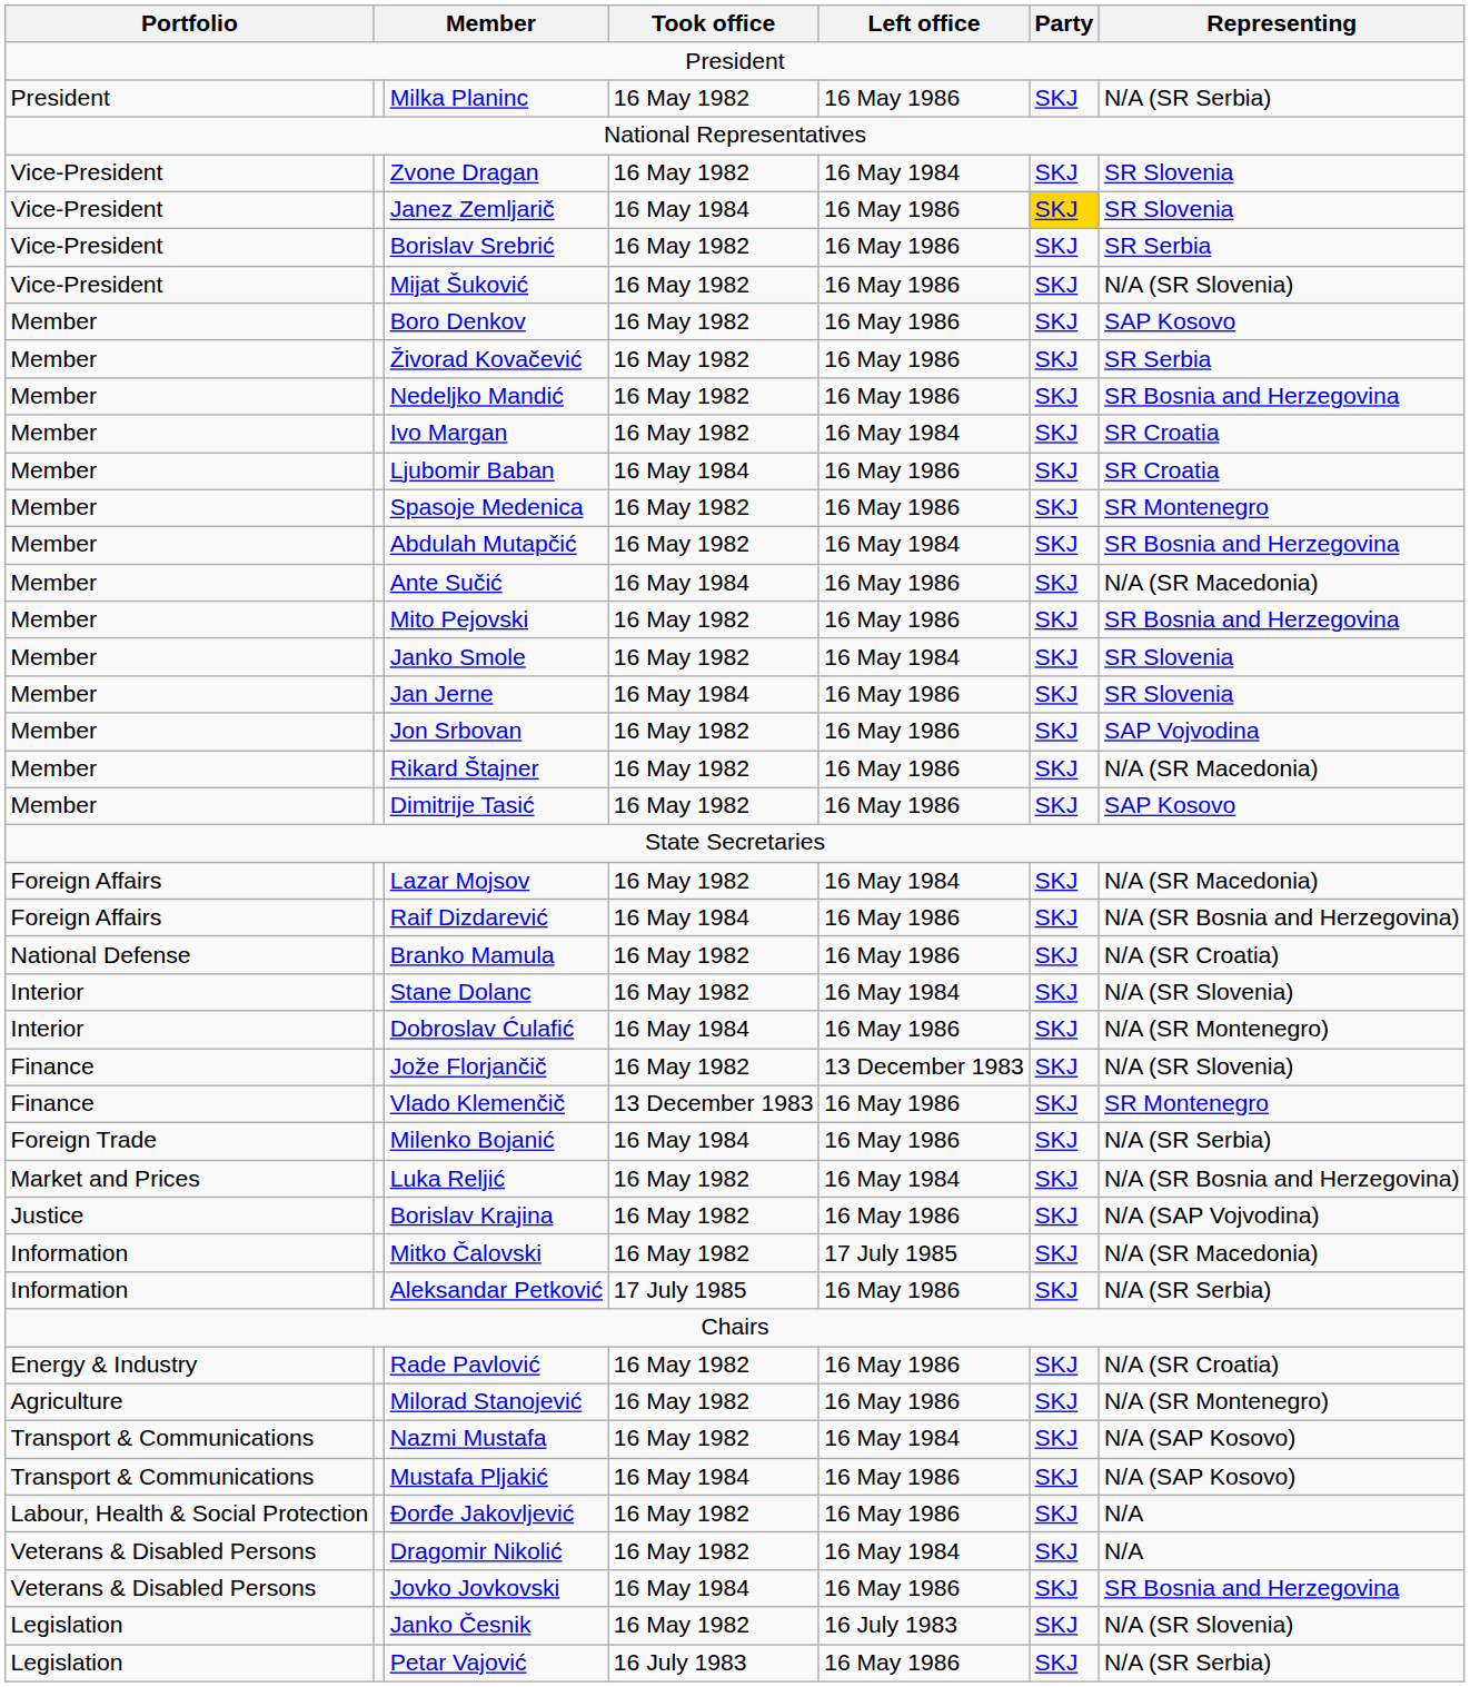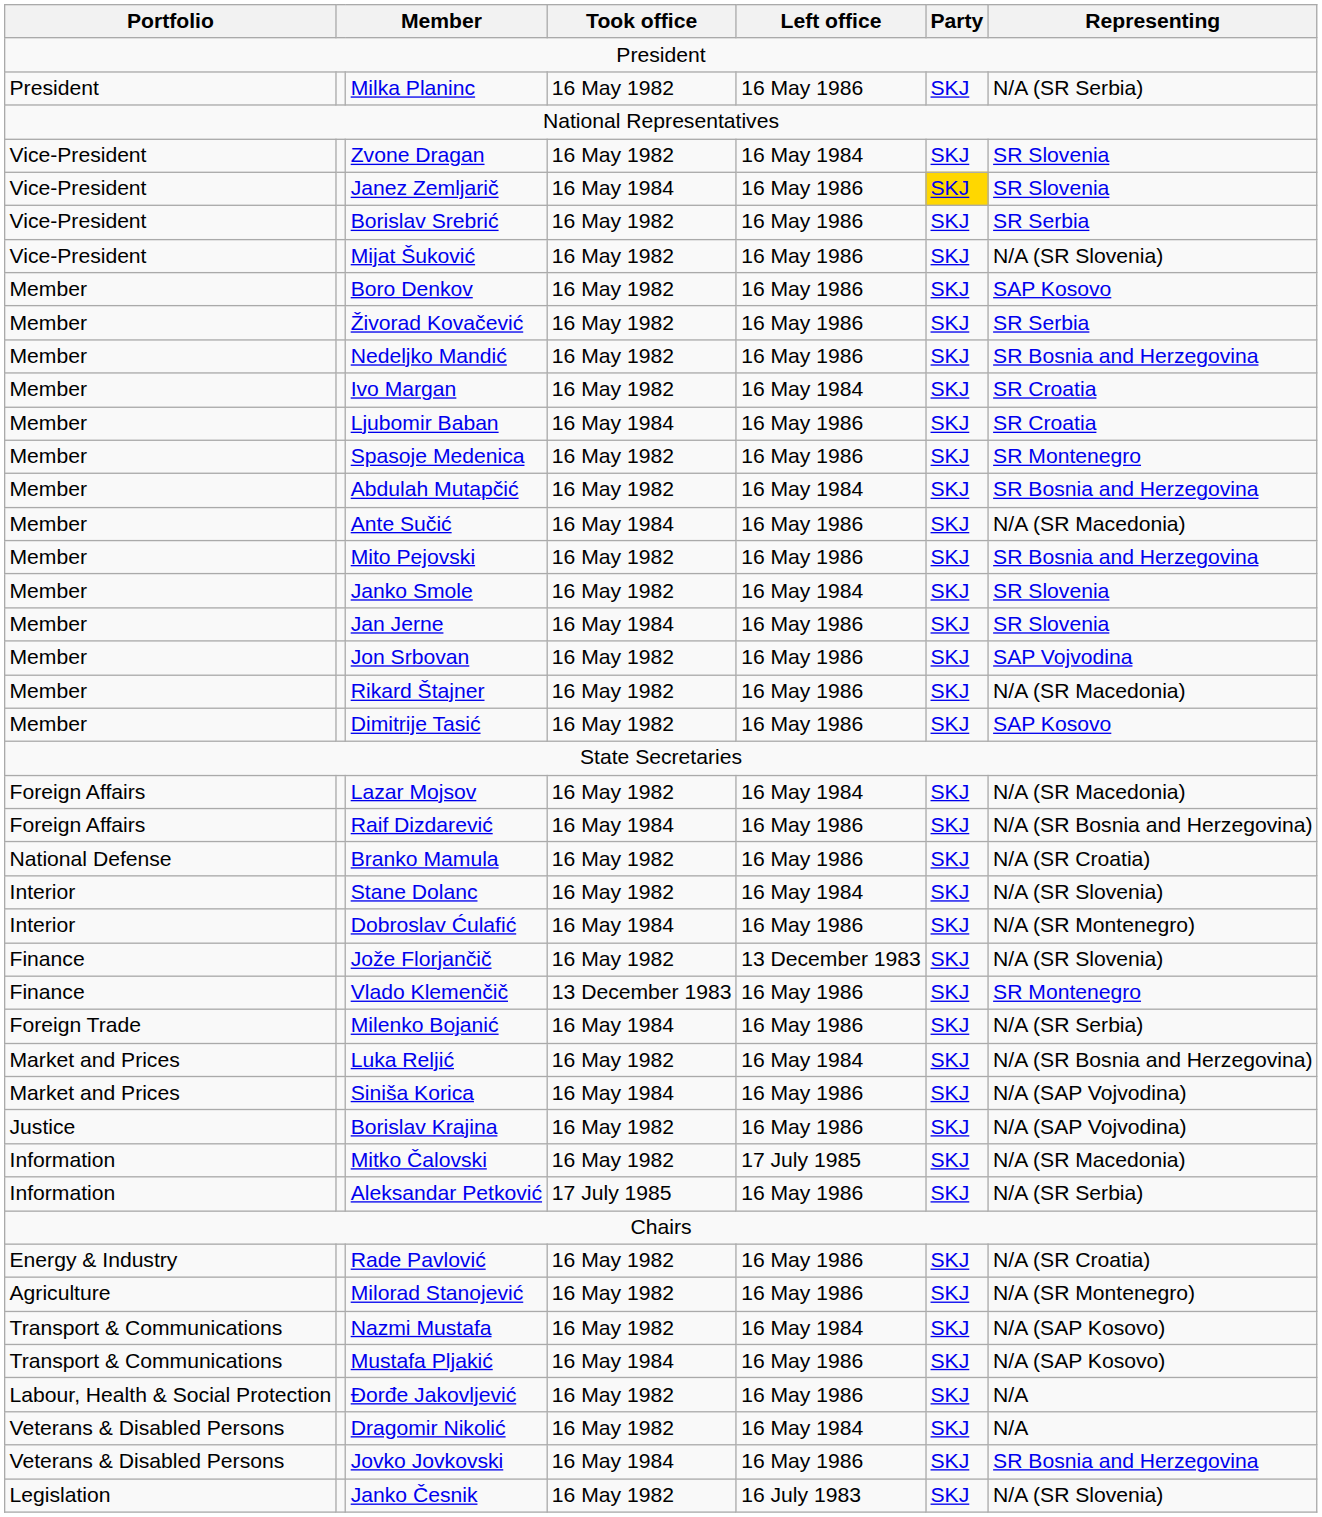 <table class="wikitable">
 <tr>
 <th style="text-align: center;">Portfolio</th>
 <th colspan="2" style="text-align: center;">Member</th>
 <th style="text-align: center;">Took office</th>
 <th style="text-align: center;">Left office</th>
 <th style="text-align: center;">Party</th>
 <th style="text-align: center;">Representing</th>
 </tr>
 <tr>
 <td colspan="7" style="text-align: center;">President</td>
 </tr>
 <tr>
 <td>President</td>
 <td style="background:"></td>
 <td><a href='#'>Milka Planinc</a></td>
 <td>16 May 1982</td>
 <td>16 May 1986</td>
 <td><a href='#'>SKJ</a></td>
 <td>N/A (SR Serbia)</td>
 </tr>
 <tr>
 <td colspan="7" style="text-align: center;">National Representatives</td>
 </tr>
 <tr>
 <td>Vice-President</td>
 <td style="background:"></td>
 <td><a href='#'>Zvone Dragan</a></td>
 <td>16 May 1982</td>
 <td>16 May 1984</td>
 <td><a href='#'>SKJ</a></td>
 <td><a href='#'>SR Slovenia</a></td>
 </tr>
 <tr>
 <td>Vice-President</td>
 <td style="background:"></td>
 <td><a href='#'>Janez Zemljarič</a></td>
 <td>16 May 1984</td>
 <td>16 May 1986</td>
 <td style="background: gold;"><a href='#'>SKJ</a></td>
 <td><a href='#'>SR Slovenia</a></td>
 </tr>
 <tr>
 <td>Vice-President</td>
 <td style="background:"></td>
 <td><a href='#'>Borislav Srebrić</a></td>
 <td>16 May 1982</td>
 <td>16 May 1986</td>
 <td><a href='#'>SKJ</a></td>
 <td><a href='#'>SR Serbia</a></td>
 </tr>
 <tr>
 <td>Vice-President</td>
 <td style="background:"></td>
 <td><a href='#'>Mijat Šuković</a></td>
 <td>16 May 1982</td>
 <td>16 May 1986</td>
 <td><a href='#'>SKJ</a></td>
 <td>N/A (SR Slovenia)</td>
 </tr>
 <tr>
 <td>Member</td>
 <td style="background:"></td>
 <td><a href='#'>Boro Denkov</a></td>
 <td>16 May 1982</td>
 <td>16 May 1986</td>
 <td><a href='#'>SKJ</a></td>
 <td><a href='#'>SAP Kosovo</a></td>
 </tr>
 <tr>
 <td>Member</td>
 <td style="background:"></td>
 <td><a href='#'>Živorad Kovačević</a></td>
 <td>16 May 1982</td>
 <td>16 May 1986</td>
 <td><a href='#'>SKJ</a></td>
 <td><a href='#'>SR Serbia</a></td>
 </tr>
 <tr>
 <td>Member</td>
 <td style="background:"></td>
 <td><a href='#'>Nedeljko Mandić</a></td>
 <td>16 May 1982</td>
 <td>16 May 1986</td>
 <td><a href='#'>SKJ</a></td>
 <td><a href='#'>SR Bosnia and Herzegovina</a></td>
 </tr>
 <tr>
 <td>Member</td>
 <td style="background:"></td>
 <td><a href='#'>Ivo Margan</a></td>
 <td>16 May 1982</td>
 <td>16 May 1984</td>
 <td><a href='#'>SKJ</a></td>
 <td><a href='#'>SR Croatia</a></td>
 </tr>
 <tr>
 <td>Member</td>
 <td style="background:"></td>
 <td><a href='#'>Ljubomir Baban</a></td>
 <td>16 May 1984</td>
 <td>16 May 1986</td>
 <td><a href='#'>SKJ</a></td>
 <td><a href='#'>SR Croatia</a></td>
 </tr>
 <tr>
 <td>Member</td>
 <td style="background:"></td>
 <td><a href='#'>Spasoje Medenica</a></td>
 <td>16 May 1982</td>
 <td>16 May 1986</td>
 <td><a href='#'>SKJ</a></td>
 <td><a href='#'>SR Montenegro</a></td>
 </tr>
 <tr>
 <td>Member</td>
 <td style="background:"></td>
 <td><a href='#'>Abdulah Mutapčić</a></td>
 <td>16 May 1982</td>
 <td>16 May 1984</td>
 <td><a href='#'>SKJ</a></td>
 <td><a href='#'>SR Bosnia and Herzegovina</a></td>
 </tr>
 <tr>
 <td>Member</td>
 <td style="background:"></td>
 <td><a href='#'>Ante Sučić</a></td>
 <td>16 May 1984</td>
 <td>16 May 1986</td>
 <td><a href='#'>SKJ</a></td>
 <td>N/A (SR Macedonia)</td>
 </tr>
 <tr>
 <td>Member</td>
 <td style="background:"></td>
 <td><a href='#'>Mito Pejovski</a></td>
 <td>16 May 1982</td>
 <td>16 May 1986</td>
 <td><a href='#'>SKJ</a></td>
 <td><a href='#'>SR Bosnia and Herzegovina</a></td>
 </tr>
 <tr>
 <td>Member</td>
 <td style="background:"></td>
 <td><a href='#'>Janko Smole</a></td>
 <td>16 May 1982</td>
 <td>16 May 1984</td>
 <td><a href='#'>SKJ</a></td>
 <td><a href='#'>SR Slovenia</a></td>
 </tr>
 <tr>
 <td>Member</td>
 <td style="background:"></td>
 <td><a href='#'>Jan Jerne</a></td>
 <td>16 May 1984</td>
 <td>16 May 1986</td>
 <td><a href='#'>SKJ</a></td>
 <td><a href='#'>SR Slovenia</a></td>
 </tr>
 <tr>
 <td>Member</td>
 <td style="background:"></td>
 <td><a href='#'>Jon Srbovan</a></td>
 <td>16 May 1982</td>
 <td>16 May 1986</td>
 <td><a href='#'>SKJ</a></td>
 <td><a href='#'>SAP Vojvodina</a></td>
 </tr>
 <tr>
 <td>Member</td>
 <td style="background:"></td>
 <td><a href='#'>Rikard Štajner</a></td>
 <td>16 May 1982</td>
 <td>16 May 1986</td>
 <td><a href='#'>SKJ</a></td>
 <td>N/A (SR Macedonia)</td>
 </tr>
 <tr>
 <td>Member</td>
 <td style="background:"></td>
 <td><a href='#'>Dimitrije Tasić</a></td>
 <td>16 May 1982</td>
 <td>16 May 1986</td>
 <td><a href='#'>SKJ</a></td>
 <td><a href='#'>SAP Kosovo</a></td>
 </tr>
 <tr>
 <td colspan="7" style="text-align: center;">State Secretaries</td>
 </tr>
 <tr>
 <td>Foreign Affairs</td>
 <td style="background:"></td>
 <td><a href='#'>Lazar Mojsov</a></td>
 <td>16 May 1982</td>
 <td>16 May 1984</td>
 <td><a href='#'>SKJ</a></td>
 <td>N/A (SR Macedonia)</td>
 </tr>
 <tr>
 <td>Foreign Affairs</td>
 <td style="background:"></td>
 <td><a href='#'>Raif Dizdarević</a></td>
 <td>16 May 1984</td>
 <td>16 May 1986</td>
 <td><a href='#'>SKJ</a></td>
 <td>N/A (SR Bosnia and Herzegovina)</td>
 </tr>
 <tr>
 <td>National Defense</td>
 <td style="background:"></td>
 <td><a href='#'>Branko Mamula</a></td>
 <td>16 May 1982</td>
 <td>16 May 1986</td>
 <td><a href='#'>SKJ</a></td>
 <td>N/A (SR Croatia)</td>
 </tr>
 <tr>
 <td>Interior</td>
 <td style="background:"></td>
 <td><a href='#'>Stane Dolanc</a></td>
 <td>16 May 1982</td>
 <td>16 May 1984</td>
 <td><a href='#'>SKJ</a></td>
 <td>N/A (SR Slovenia)</td>
 </tr>
 <tr>
 <td>Interior</td>
 <td style="background:"></td>
 <td><a href='#'>Dobroslav Ćulafić</a></td>
 <td>16 May 1984</td>
 <td>16 May 1986</td>
 <td><a href='#'>SKJ</a></td>
 <td>N/A (SR Montenegro)</td>
 </tr>
 <tr>
 <td>Finance</td>
 <td style="background:"></td>
 <td><a href='#'>Jože Florjančič</a></td>
 <td>16 May 1982</td>
 <td>13 December 1983</td>
 <td><a href='#'>SKJ</a></td>
 <td>N/A (SR Slovenia)</td>
 </tr>
 <tr>
 <td>Finance</td>
 <td style="background:"></td>
 <td><a href='#'>Vlado Klemenčič</a></td>
 <td>13 December 1983</td>
 <td>16 May 1986</td>
 <td><a href='#'>SKJ</a></td>
 <td><a href='#'>SR Montenegro</a></td>
 </tr>
 <tr>
 <td>Foreign Trade</td>
 <td style="background:"></td>
 <td><a href='#'>Milenko Bojanić</a></td>
 <td>16 May 1984</td>
 <td>16 May 1986</td>
 <td><a href='#'>SKJ</a></td>
 <td>N/A (SR Serbia)</td>
 </tr>
 <tr>
 <td>Market and Prices</td>
 <td style="background:"></td>
 <td><a href='#'>Luka Reljić</a></td>
 <td>16 May 1982</td>
 <td>16 May 1984</td>
 <td><a href='#'>SKJ</a></td>
 <td>N/A (SR Bosnia and Herzegovina)</td>
 </tr>
 <tr>
+<td>Market and Prices</td>
+<td style="background:"></td>
+<td><a href='#'>Siniša Korica</a></td>
+<td>16 May 1984</td>
+<td>16 May 1986</td>
+<td><a href='#'>SKJ</a></td>
+<td>N/A (SAP Vojvodina)</td>
+</tr>
+<tr>
 <td>Justice</td>
 <td style="background:"></td>
 <td><a href='#'>Borislav Krajina</a></td>
 <td>16 May 1982</td>
 <td>16 May 1986</td>
 <td><a href='#'>SKJ</a></td>
 <td>N/A (SAP Vojvodina)</td>
 </tr>
 <tr>
 <td>Information</td>
 <td style="background:"></td>
 <td><a href='#'>Mitko Čalovski</a></td>
 <td>16 May 1982</td>
 <td>17 July 1985</td>
 <td><a href='#'>SKJ</a></td>
 <td>N/A (SR Macedonia)</td>
 </tr>
 <tr>
 <td>Information</td>
 <td style="background:"></td>
 <td><a href='#'>Aleksandar Petković</a></td>
 <td>17 July 1985</td>
 <td>16 May 1986</td>
 <td><a href='#'>SKJ</a></td>
 <td>N/A (SR Serbia)</td>
 </tr>
 <tr>
 <td colspan="7" style="text-align: center;">Chairs</td>
 </tr>
 <tr>
 <td>Energy & Industry</td>
 <td style="background:"></td>
 <td><a href='#'>Rade Pavlović</a></td>
 <td>16 May 1982</td>
 <td>16 May 1986</td>
 <td><a href='#'>SKJ</a></td>
 <td>N/A (SR Croatia)</td>
 </tr>
 <tr>
 <td>Agriculture</td>
 <td style="background:"></td>
 <td><a href='#'>Milorad Stanojević</a></td>
 <td>16 May 1982</td>
 <td>16 May 1986</td>
 <td><a href='#'>SKJ</a></td>
 <td>N/A (SR Montenegro)</td>
 </tr>
 <tr>
 <td>Transport & Communications</td>
 <td style="background:"></td>
 <td><a href='#'>Nazmi Mustafa</a></td>
 <td>16 May 1982</td>
 <td>16 May 1984</td>
 <td><a href='#'>SKJ</a></td>
 <td>N/A (SAP Kosovo)</td>
 </tr>
 <tr>
 <td>Transport & Communications</td>
 <td style="background:"></td>
 <td><a href='#'>Mustafa Pljakić</a></td>
 <td>16 May 1984</td>
 <td>16 May 1986</td>
 <td><a href='#'>SKJ</a></td>
 <td>N/A (SAP Kosovo)</td>
 </tr>
 <tr>
 <td>Labour, Health & Social Protection</td>
 <td style="background:"></td>
 <td><a href='#'>Đorđe Jakovljević</a></td>
 <td>16 May 1982</td>
 <td>16 May 1986</td>
 <td><a href='#'>SKJ</a></td>
 <td>N/A</td>
 </tr>
 <tr>
 <td>Veterans & Disabled Persons</td>
 <td style="background:"></td>
 <td><a href='#'>Dragomir Nikolić</a></td>
 <td>16 May 1982</td>
 <td>16 May 1984</td>
 <td><a href='#'>SKJ</a></td>
 <td>N/A</td>
 </tr>
 <tr>
 <td>Veterans & Disabled Persons</td>
 <td style="background:"></td>
 <td><a href='#'>Jovko Jovkovski</a></td>
 <td>16 May 1984</td>
 <td>16 May 1986</td>
 <td><a href='#'>SKJ</a></td>
 <td><a href='#'>SR Bosnia and Herzegovina</a></td>
 </tr>
 <tr>
 <td>Legislation</td>
 <td style="background:"></td>
 <td><a href='#'>Janko Česnik</a></td>
 <td>16 May 1982</td>
 <td>16 July 1983</td>
 <td><a href='#'>SKJ</a></td>
 <td>N/A (SR Slovenia)</td>
 </tr>
-<tr>
-<td>Legislation</td>
-<td style="background:"></td>
-<td><a href='#'>Petar Vajović</a></td>
-<td>16 July 1983</td>
-<td>16 May 1986</td>
-<td><a href='#'>SKJ</a></td>
-<td>N/A (SR Serbia)</td>
-</tr>
 </table>
